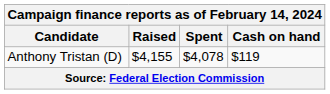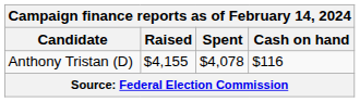 <table class="wikitable sortable">
 <tr>
 <th colspan=4>Campaign finance reports as of February 14, 2024</th>
 </tr>
 <tr style="text-align:center;">
 <th>Candidate</th>
 <th>Raised</th>
 <th>Spent</th>
 <th>Cash on hand</th>
 </tr>
 <tr>
 <td style="color:black;background-color:">Anthony Tristan (D)</td>
 <td>$4,155</td>
 <td>$4,078</td>
-<td>$119</td>
+<td>$116</td>
 </tr>
 <tr>
 <th colspan="4"><small>Source: <a href='#'>Federal Election Commission</a></small></th>
 </tr>
 </table>
